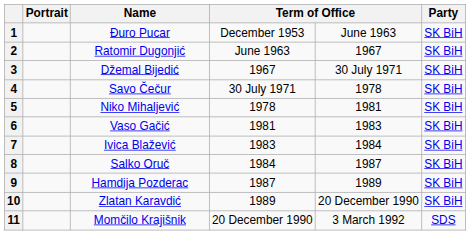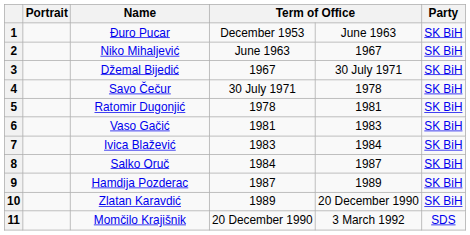 <table class="wikitable" style="text-align:center">
 <tr ->
 <th></th>
 <th>Portrait</th>
 <th width=180>Name<br></th>
 <th colspan=2>Term of Office</th>
 <th>Party</th>
 </tr>
 <tr ->
 <th style="background:">1</th>
 <td></td>
 <td><a href='#'>Đuro Pucar</a><br></td>
 <td>December 1953</td>
 <td>June 1963</td>
 <td><a href='#'>SK BiH</a></td>
 </tr>
 <tr ->
 <th style="background:">2</th>
 <td></td>
-<td><a href='#'>Ratomir Dugonjić</a><br></td>
+<td><a href='#'>Niko Mihaljević</a></td>
 <td>June 1963</td>
 <td>1967</td>
 <td><a href='#'>SK BiH</a></td>
 </tr>
 <tr ->
 <th style="background:">3</th>
 <td></td>
 <td><a href='#'>Džemal Bijedić</a><br></td>
 <td>1967</td>
 <td>30 July 1971</td>
 <td><a href='#'>SK BiH</a></td>
 </tr>
 <tr ->
 <th style="background:">4</th>
 <td></td>
 <td><a href='#'>Savo Čečur</a></td>
 <td>30 July 1971</td>
 <td>1978</td>
 <td><a href='#'>SK BiH</a></td>
 </tr>
 <tr ->
 <th style="background:">5</th>
 <td></td>
-<td><a href='#'>Niko Mihaljević</a></td>
+<td><a href='#'>Ratomir Dugonjić</a><br></td>
 <td>1978</td>
 <td>1981</td>
 <td><a href='#'>SK BiH</a></td>
 </tr>
 <tr ->
 <th style="background:">6</th>
 <td></td>
 <td><a href='#'>Vaso Gačić</a></td>
 <td>1981</td>
 <td>1983</td>
 <td><a href='#'>SK BiH</a></td>
 </tr>
 <tr ->
 <th style="background:">7</th>
 <td></td>
 <td><a href='#'>Ivica Blažević</a></td>
 <td>1983</td>
 <td>1984</td>
 <td><a href='#'>SK BiH</a></td>
 </tr>
 <tr ->
 <th style="background:">8</th>
 <td></td>
 <td><a href='#'>Salko Oruč</a></td>
 <td>1984</td>
 <td>1987</td>
 <td><a href='#'>SK BiH</a></td>
 </tr>
 <tr ->
 <th style="background:">9</th>
 <td></td>
 <td><a href='#'>Hamdija Pozderac</a><br></td>
 <td>1987</td>
 <td>1989</td>
 <td><a href='#'>SK BiH</a></td>
 </tr>
 <tr ->
 <th style="background:">10</th>
 <td></td>
 <td><a href='#'>Zlatan Karavdić</a></td>
 <td>1989</td>
 <td>20 December 1990</td>
 <td><a href='#'>SK BiH</a></td>
 </tr>
 <tr ->
 <th style="background:">11</th>
 <td></td>
 <td><a href='#'>Momčilo Krajišnik</a><br></td>
 <td>20 December 1990</td>
 <td>3 March 1992</td>
 <td><a href='#'>SDS</a></td>
 </tr>
 </table>
